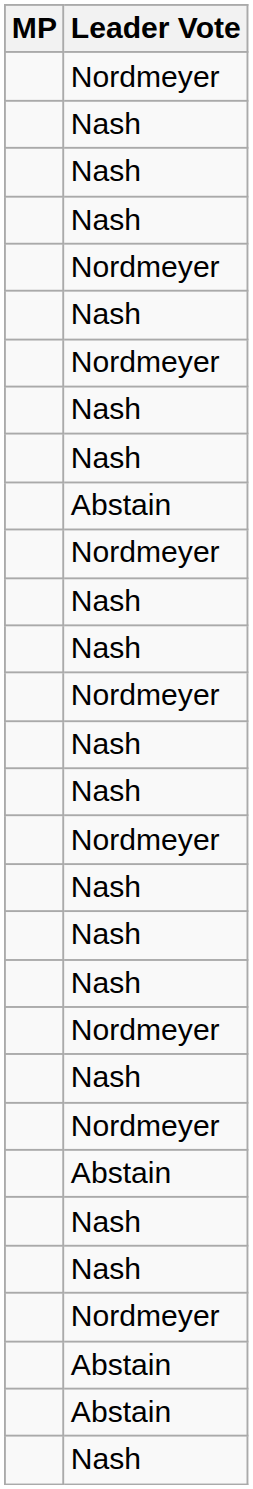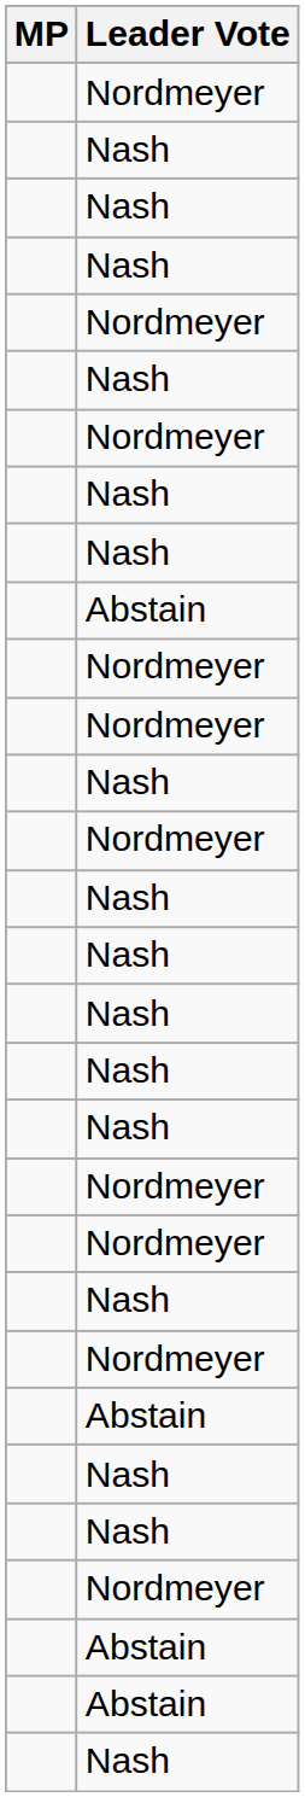 <table class="wikitable sortable">
 <tr>
 <th>MP</th>
 <th>Leader Vote</th>
 </tr>
 <tr>
 <td></td>
 <td>Nordmeyer</td>
 </tr>
 <tr>
 <td></td>
 <td>Nash</td>
 </tr>
 <tr>
 <td></td>
 <td>Nash</td>
 </tr>
 <tr>
 <td></td>
 <td>Nash</td>
 </tr>
 <tr>
 <td></td>
 <td>Nordmeyer</td>
 </tr>
 <tr>
 <td></td>
 <td>Nash</td>
 </tr>
 <tr>
 <td></td>
 <td>Nordmeyer</td>
 </tr>
 <tr>
 <td></td>
 <td>Nash</td>
 </tr>
 <tr>
 <td></td>
 <td>Nash</td>
 </tr>
 <tr>
 <td></td>
 <td>Abstain</td>
 </tr>
 <tr>
 <td></td>
 <td>Nordmeyer</td>
 </tr>
 <tr>
 <td></td>
-<td>Nash</td>
-</tr>
-<tr>
-<td></td>
-<td>Nash</td>
-</tr>
-<tr>
-<td></td>
 <td>Nordmeyer</td>
-</tr>
-<tr>
-<td></td>
-<td>Nash</td>
 </tr>
 <tr>
 <td></td>
 <td>Nash</td>
 </tr>
 <tr>
 <td></td>
 <td>Nordmeyer</td>
 </tr>
 <tr>
 <td></td>
 <td>Nash</td>
 </tr>
 <tr>
 <td></td>
 <td>Nash</td>
 </tr>
 <tr>
 <td></td>
 <td>Nash</td>
+</tr>
+<tr>
+<td></td>
+<td>Nash</td>
+</tr>
+<tr>
+<td></td>
+<td>Nash</td>
+</tr>
+<tr>
+<td></td>
+<td>Nordmeyer</td>
 </tr>
 <tr>
 <td></td>
 <td>Nordmeyer</td>
 </tr>
 <tr>
 <td></td>
 <td>Nash</td>
 </tr>
 <tr>
 <td></td>
 <td>Nordmeyer</td>
 </tr>
 <tr>
 <td></td>
 <td>Abstain</td>
 </tr>
 <tr>
 <td></td>
 <td>Nash</td>
 </tr>
 <tr>
 <td></td>
 <td>Nash</td>
 </tr>
 <tr>
 <td></td>
 <td>Nordmeyer</td>
 </tr>
 <tr>
 <td></td>
 <td>Abstain</td>
 </tr>
 <tr>
 <td></td>
 <td>Abstain</td>
 </tr>
 <tr>
 <td></td>
 <td>Nash</td>
 </tr>
 </table>
